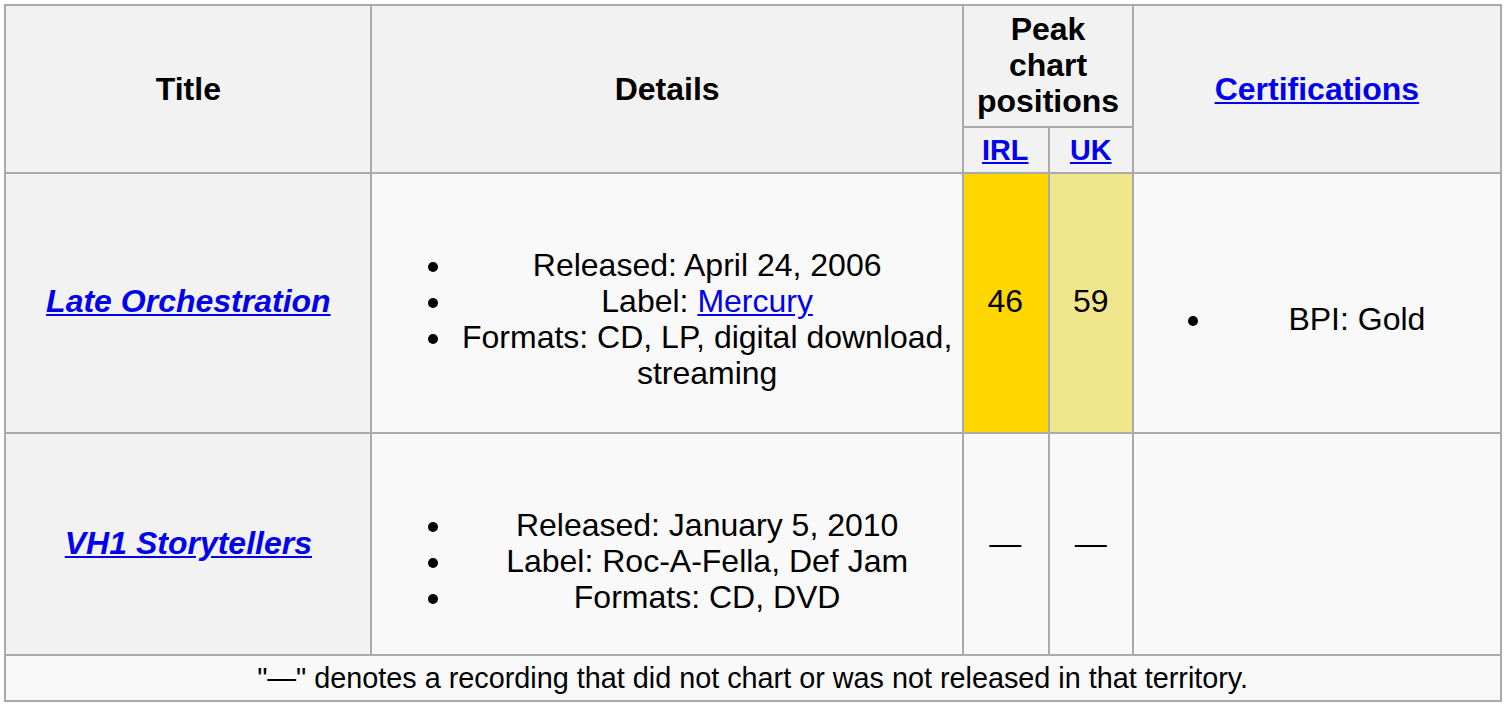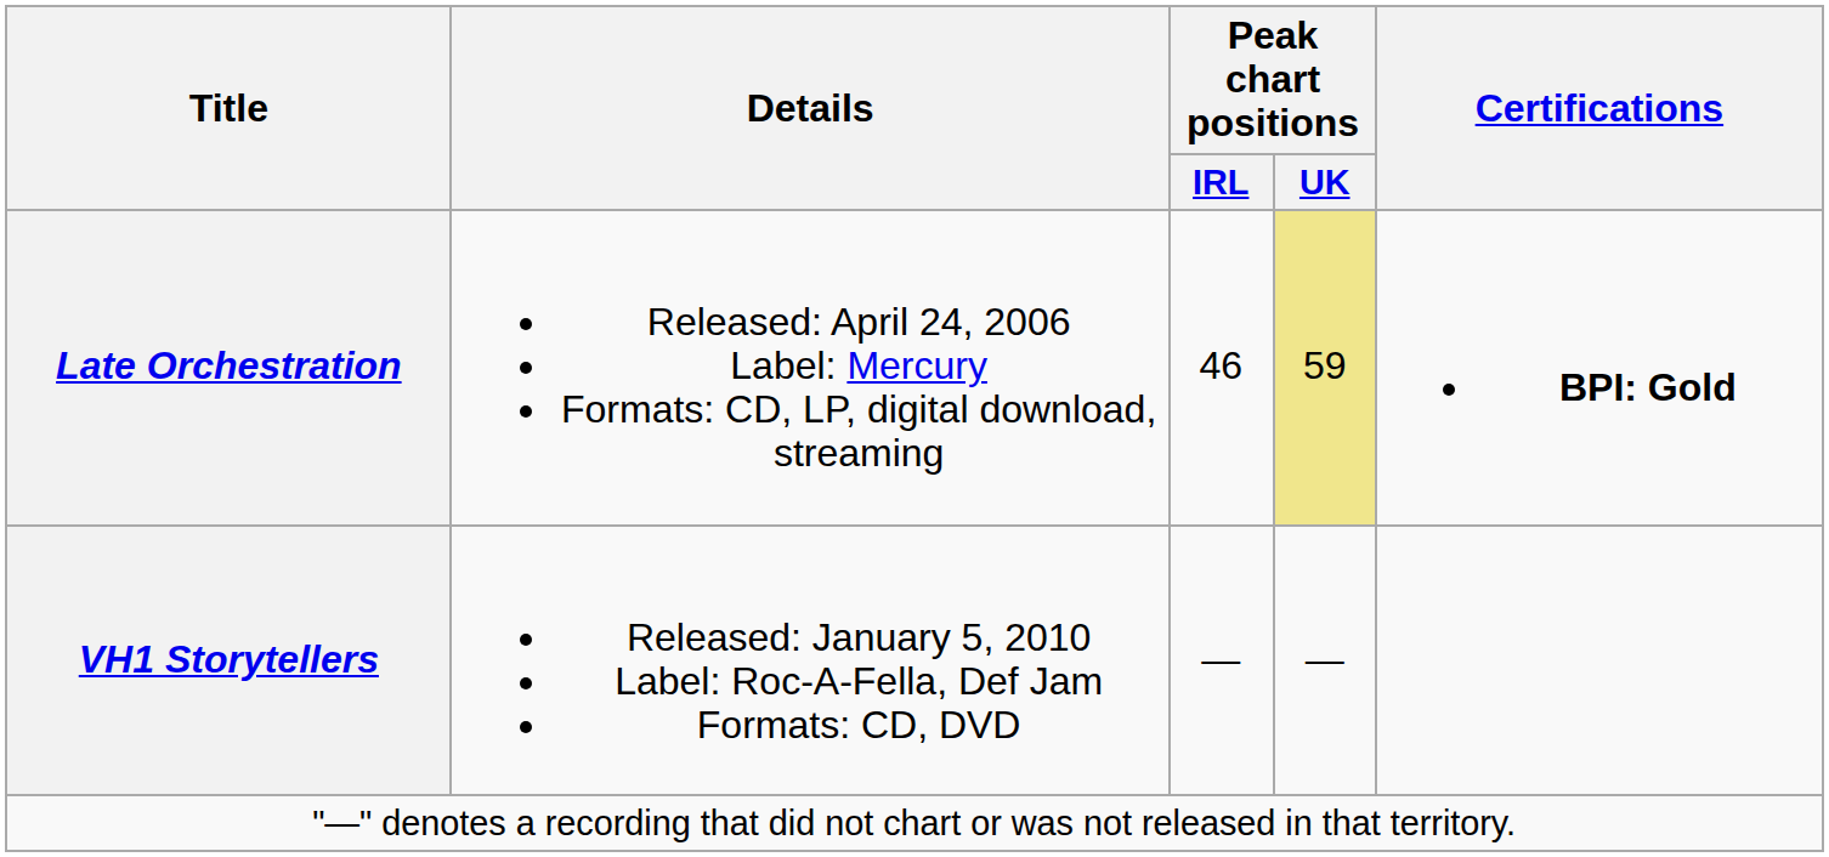 <table class="wikitable plainrowheaders" style="text-align:center;">
 <tr>
 <th scope="col" rowspan="2" style="width:11em;">Title</th>
 <th scope="col" rowspan="2" style="width:18em;">Details</th>
 <th scope="col" colspan="2">Peak chart positions</th>
 <th scope="col" rowspan="2" style="width:11em;"><a href='#'>Certifications</a></th>
 </tr>
 <tr>
 <th scope="col" style="width:2.5em;font-size:90%;"><a href='#'>IRL</a><br></th>
 <th scope="col" style="width:2.5em;font-size:90%;"><a href='#'>UK</a><br></th>
 </tr>
 <tr>
 <th scope="row"><em><a href='#'>Late Orchestration</a></em></th>
 <td><br><ul><li>Released: April 24, 2006</li><li>Label: <a href='#'>Mercury</a></li><li>Formats: CD, LP, digital download, streaming</li></ul></td>
-<td style="background: gold;">46</td>
+<td>46</td>
 <td style="background: khaki;">59</td>
-<td><br><ul><li>BPI: Gold</li></ul></td>
+<td><strong><br><ul><li>BPI: Gold</li></ul></strong></td>
 </tr>
 <tr>
 <th scope="row"><em><a href='#'>VH1 Storytellers</a></em></th>
 <td><br><ul><li>Released: January 5, 2010</li><li>Label: Roc-A-Fella, Def Jam</li><li>Formats: CD, DVD</li></ul></td>
 <td>—</td>
 <td>—</td>
 <td></td>
 </tr>
 <tr>
 <td colspan="6" style="font-size:90%">"—" denotes a recording that did not chart or was not released in that territory.</td>
 </tr>
 </table>
